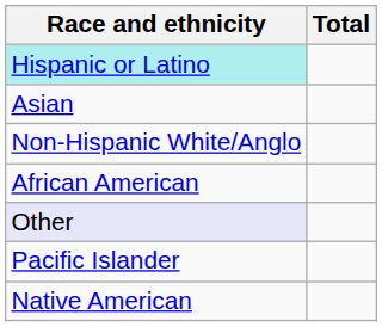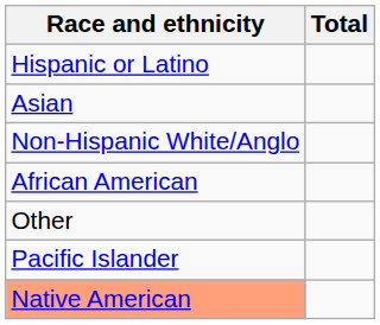 <table class="wikitable floatright sortable collapsible"; text-align:right; font-size:80%;">
 <tr>
 <th>Race and ethnicity</th>
 <th colspan="2" data-sort-type=number>Total</th>
 </tr>
 <tr>
-<td style="background: paleturquoise;"><a href='#'>Hispanic or Latino</a></td>
+<td><a href='#'>Hispanic or Latino</a></td>
 <td align=right></td>
 </tr>
 <tr>
 <td><a href='#'>Asian</a></td>
 <td align=right></td>
 </tr>
 <tr>
 <td><a href='#'>Non-Hispanic White/Anglo</a></td>
 <td align=right></td>
 </tr>
 <tr>
 <td><a href='#'>African American</a></td>
 <td align=right></td>
 </tr>
 <tr>
-<td style="background: lavender;">Other</td>
+<td>Other</td>
 <td align=right></td>
 </tr>
 <tr>
 <td><a href='#'>Pacific Islander</a></td>
 <td align=right></td>
 </tr>
 <tr>
-<td><a href='#'>Native American</a></td>
+<td style="background: lightsalmon;"><a href='#'>Native American</a></td>
 <td align=right></td>
 </tr>
 </table>
